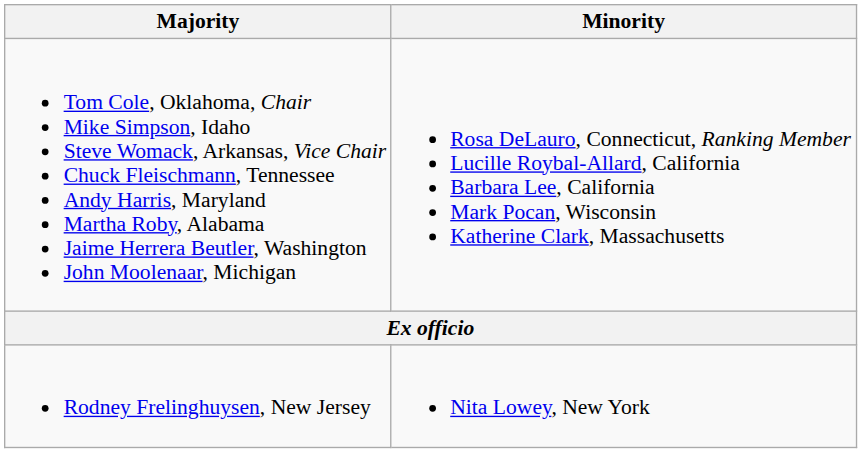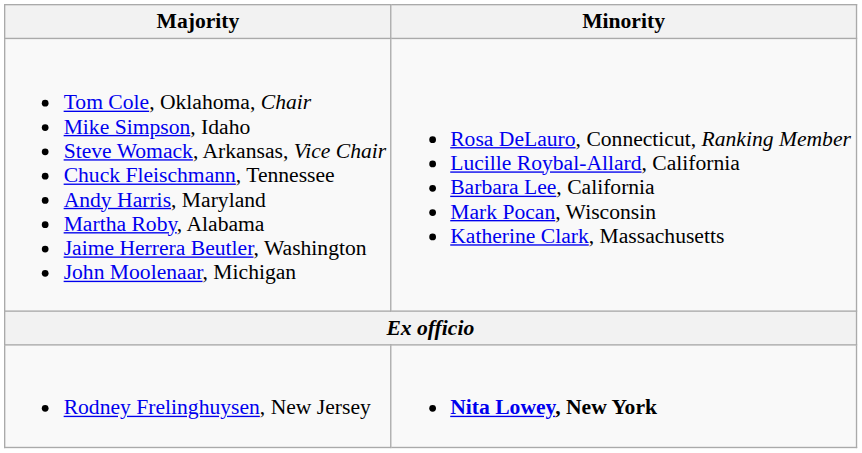 <table class=wikitable>
 <tr>
 <th>Majority</th>
 <th>Minority</th>
 </tr>
 <tr>
 <td><br><ul><li><a href='#'>Tom Cole</a>, Oklahoma, <em>Chair</em></li><li><a href='#'>Mike Simpson</a>, Idaho</li><li><a href='#'>Steve Womack</a>, Arkansas, <em>Vice Chair</em></li><li><a href='#'>Chuck Fleischmann</a>, Tennessee</li><li><a href='#'>Andy Harris</a>, Maryland</li><li><a href='#'>Martha Roby</a>, Alabama</li><li><a href='#'>Jaime Herrera Beutler</a>, Washington</li><li><a href='#'>John Moolenaar</a>, Michigan</li></ul></td>
 <td><br><ul><li><a href='#'>Rosa DeLauro</a>, Connecticut, <em>Ranking Member</em></li><li><a href='#'>Lucille Roybal-Allard</a>, California</li><li><a href='#'>Barbara Lee</a>, California</li><li><a href='#'>Mark Pocan</a>, Wisconsin</li><li><a href='#'>Katherine Clark</a>, Massachusetts</li></ul></td>
 </tr>
 <tr>
 <th colspan=2><em>Ex officio</em></th>
 </tr>
 <tr>
 <td><br><ul><li><a href='#'>Rodney Frelinghuysen</a>, New Jersey</li></ul></td>
-<td><br><ul><li><a href='#'>Nita Lowey</a>, New York</li></ul></td>
+<td><strong><br><ul><li><a href='#'>Nita Lowey</a>, New York</li></ul></strong></td>
 </tr>
 </table>
